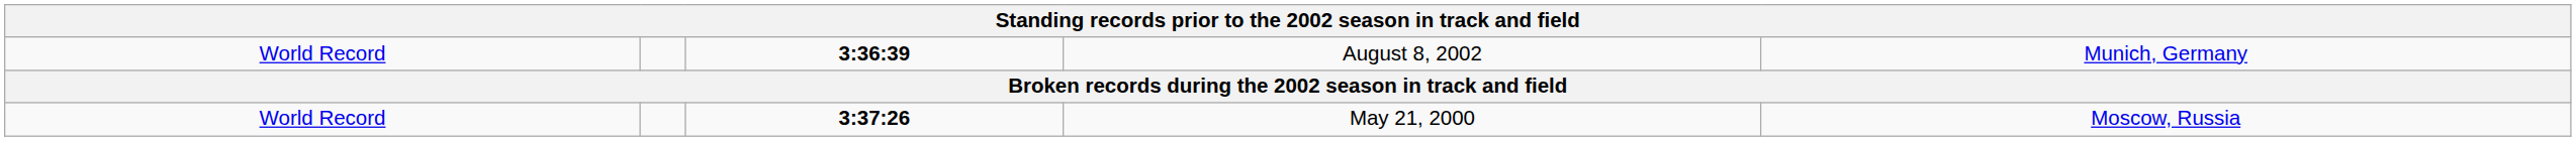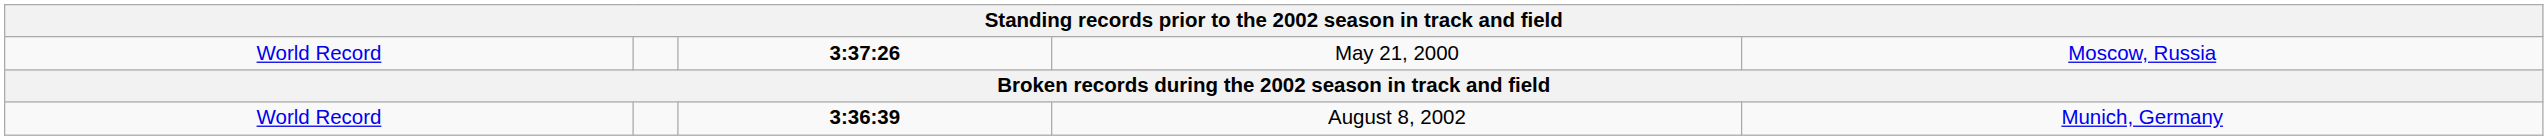 <table class="wikitable" style="text-align:center; width:100%">
 <tr>
 <th colspan="5">Standing records prior to the 2002 season in track and field</th>
+</tr>
+<tr>
+<td><a href='#'>World Record</a></td>
+<td></td>
+<td><strong>3:37:26</strong></td>
+<td>May 21, 2000</td>
+<td> <a href='#'>Moscow, Russia</a></td>
+</tr>
+<tr>
+<th colspan="5">Broken records during the 2002 season in track and field</th>
 </tr>
 <tr>
 <td><a href='#'>World Record</a></td>
 <td></td>
 <td><strong>3:36:39</strong></td>
 <td>August 8, 2002</td>
 <td> <a href='#'>Munich, Germany</a></td>
 </tr>
-<tr>
-<th colspan="5">Broken records during the 2002 season in track and field</th>
-</tr>
-<tr>
-<td><a href='#'>World Record</a></td>
-<td></td>
-<td><strong>3:37:26</strong></td>
-<td>May 21, 2000</td>
-<td> <a href='#'>Moscow, Russia</a></td>
-</tr>
 </table>
